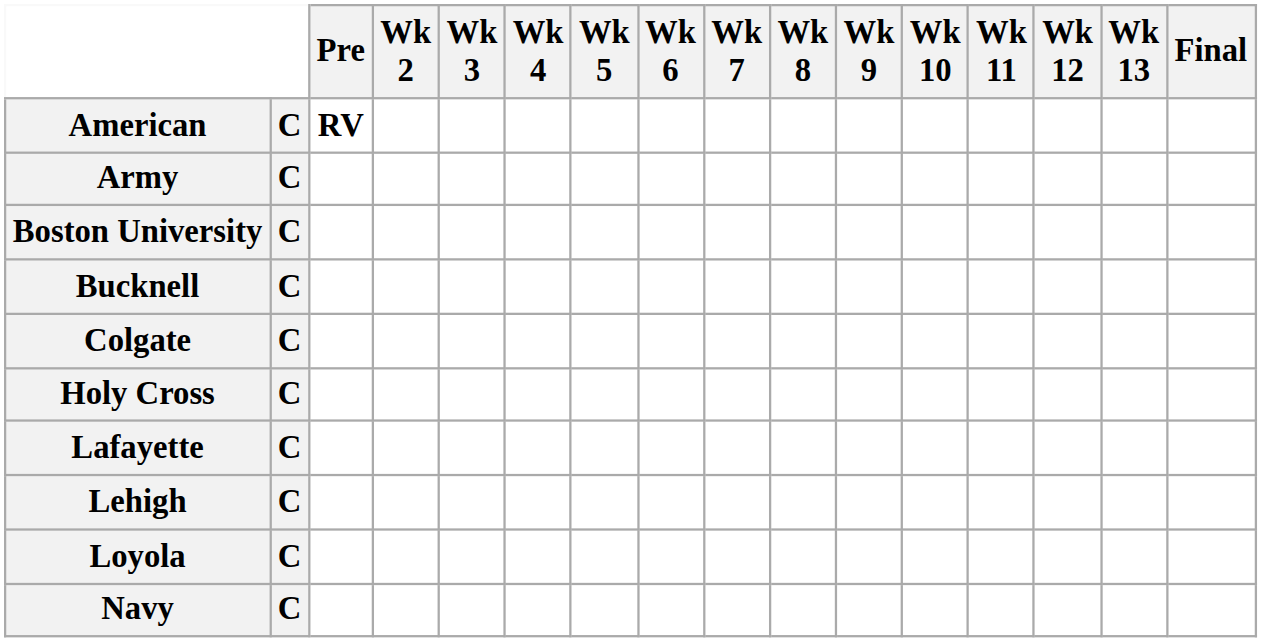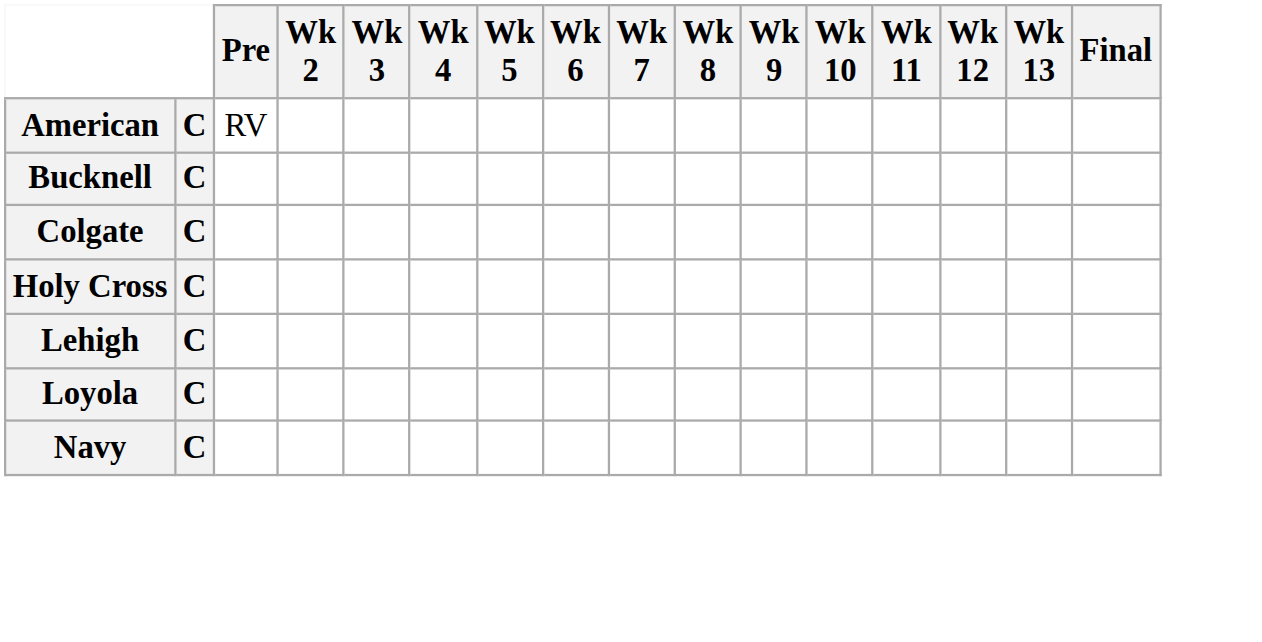 <table class="wikitable" style="white-space:nowrap;font-size:90%;">
 <tr>
 <th colspan=2 style="background:white; border-top-style:hidden; border-left-style:hidden;"> </th>
 <th>Pre</th>
 <th>Wk<br>2</th>
 <th>Wk<br>3</th>
 <th>Wk<br>4</th>
 <th>Wk<br>5</th>
 <th>Wk<br>6</th>
 <th>Wk<br>7</th>
 <th>Wk<br>8</th>
 <th>Wk<br>9</th>
 <th>Wk<br>10</th>
 <th>Wk<br>11</th>
 <th>Wk<br>12</th>
 <th>Wk<br>13</th>
 <th>Final</th>
 </tr>
 <tr style="text-align:center;">
 <th style="background:#">American</th>
 <th>C</th>
-<td style="background:#FFF;"><strong> RV</strong></td>
-<td style="background:#FFF;"></td>
-<td style="background:#FFF;"></td>
-<td style="background:#FFF;"></td>
-<td style="background:#FFF;"></td>
-<td style="background:#FFF;"></td>
-<td style="background:#FFF;"></td>
-<td style="background:#FFF;"></td>
-<td style="background:#FFF;"></td>
-<td style="background:#FFF;"></td>
-<td style="background:#FFF;"></td>
-<td style="background:#FFF;"></td>
-<td style="background:#FFF;"></td>
-<td style="background:#FFF;"></td>
-</tr>
-<tr style="text-align:center;">
-<th style="background:#">Army</th>
-<th>C</th>
-<td style="background:#FFF;"></td>
-<td style="background:#FFF;"></td>
-<td style="background:#FFF;"></td>
-<td style="background:#FFF;"></td>
-<td style="background:#FFF;"></td>
-<td style="background:#FFF;"></td>
-<td style="background:#FFF;"></td>
-<td style="background:#FFF;"></td>
-<td style="background:#FFF;"></td>
-<td style="background:#FFF;"></td>
-<td style="background:#FFF;"></td>
-<td style="background:#FFF;"></td>
-<td style="background:#FFF;"></td>
-<td style="background:#FFF;"></td>
-</tr>
-<tr style="text-align:center;">
-<th style="background:#">Boston University</th>
-<th>C</th>
-<td style="background:#FFF;"></td>
+<td style="background:#FFF;"> RV</td>
 <td style="background:#FFF;"></td>
 <td style="background:#FFF;"></td>
 <td style="background:#FFF;"></td>
 <td style="background:#FFF;"></td>
 <td style="background:#FFF;"></td>
 <td style="background:#FFF;"></td>
 <td style="background:#FFF;"></td>
 <td style="background:#FFF;"></td>
 <td style="background:#FFF;"></td>
 <td style="background:#FFF;"></td>
 <td style="background:#FFF;"></td>
 <td style="background:#FFF;"></td>
 <td style="background:#FFF;"></td>
 </tr>
 <tr style="text-align:center;">
 <th style="background:#">Bucknell</th>
 <th>C</th>
 <td style="background:#FFF;"></td>
 <td style="background:#FFF;"></td>
 <td style="background:#FFF;"></td>
 <td style="background:#FFF;"></td>
 <td style="background:#FFF;"></td>
 <td style="background:#FFF;"></td>
 <td style="background:#FFF;"></td>
 <td style="background:#FFF;"></td>
 <td style="background:#FFF;"></td>
 <td style="background:#FFF;"></td>
 <td style="background:#FFF;"></td>
 <td style="background:#FFF;"></td>
 <td style="background:#FFF;"></td>
 <td style="background:#FFF;"></td>
 </tr>
 <tr style="text-align:center;">
 <th style="background:#">Colgate</th>
 <th>C</th>
 <td style="background:#FFF;"></td>
 <td style="background:#FFF;"></td>
 <td style="background:#FFF;"></td>
 <td style="background:#FFF;"></td>
 <td style="background:#FFF;"></td>
 <td style="background:#FFF;"></td>
 <td style="background:#FFF;"></td>
 <td style="background:#FFF;"></td>
 <td style="background:#FFF;"></td>
 <td style="background:#FFF;"></td>
 <td style="background:#FFF;"></td>
 <td style="background:#FFF;"></td>
 <td style="background:#FFF;"></td>
 <td style="background:#FFF;"></td>
 </tr>
 <tr style="text-align:center;">
 <th style="background:#">Holy Cross</th>
-<th>C</th>
-<td style="background:#FFF;"></td>
-<td style="background:#FFF;"></td>
-<td style="background:#FFF;"></td>
-<td style="background:#FFF;"></td>
-<td style="background:#FFF;"></td>
-<td style="background:#FFF;"></td>
-<td style="background:#FFF;"></td>
-<td style="background:#FFF;"></td>
-<td style="background:#FFF;"></td>
-<td style="background:#FFF;"></td>
-<td style="background:#FFF;"></td>
-<td style="background:#FFF;"></td>
-<td style="background:#FFF;"></td>
-<td style="background:#FFF;"></td>
-</tr>
-<tr style="text-align:center;">
-<th style="background:#">Lafayette</th>
 <th>C</th>
 <td style="background:#FFF;"></td>
 <td style="background:#FFF;"></td>
 <td style="background:#FFF;"></td>
 <td style="background:#FFF;"></td>
 <td style="background:#FFF;"></td>
 <td style="background:#FFF;"></td>
 <td style="background:#FFF;"></td>
 <td style="background:#FFF;"></td>
 <td style="background:#FFF;"></td>
 <td style="background:#FFF;"></td>
 <td style="background:#FFF;"></td>
 <td style="background:#FFF;"></td>
 <td style="background:#FFF;"></td>
 <td style="background:#FFF;"></td>
 </tr>
 <tr style="text-align:center;">
 <th style="background:#">Lehigh</th>
 <th>C</th>
 <td style="background:#FFF;"></td>
 <td style="background:#FFF;"></td>
 <td style="background:#FFF;"></td>
 <td style="background:#FFF;"></td>
 <td style="background:#FFF;"></td>
 <td style="background:#FFF;"></td>
 <td style="background:#FFF;"></td>
 <td style="background:#FFF;"></td>
 <td style="background:#FFF;"></td>
 <td style="background:#FFF;"></td>
 <td style="background:#FFF;"></td>
 <td style="background:#FFF;"></td>
 <td style="background:#FFF;"></td>
 <td style="background:#FFF;"></td>
 </tr>
 <tr style="text-align:center;">
 <th style="background:#">Loyola</th>
 <th>C</th>
 <td style="background:#FFF;"></td>
 <td style="background:#FFF;"></td>
 <td style="background:#FFF;"></td>
 <td style="background:#FFF;"></td>
 <td style="background:#FFF;"></td>
 <td style="background:#FFF;"></td>
 <td style="background:#FFF;"></td>
 <td style="background:#FFF;"></td>
 <td style="background:#FFF;"></td>
 <td style="background:#FFF;"></td>
 <td style="background:#FFF;"></td>
 <td style="background:#FFF;"></td>
 <td style="background:#FFF;"></td>
 <td style="background:#FFF;"></td>
 </tr>
 <tr style="text-align:center;">
 <th style="background:#">Navy</th>
 <th>C</th>
 <td style="background:#FFF;"></td>
 <td style="background:#FFF;"></td>
 <td style="background:#FFF;"></td>
 <td style="background:#FFF;"></td>
 <td style="background:#FFF;"></td>
 <td style="background:#FFF;"></td>
 <td style="background:#FFF;"></td>
 <td style="background:#FFF;"></td>
 <td style="background:#FFF;"></td>
 <td style="background:#FFF;"></td>
 <td style="background:#FFF;"></td>
 <td style="background:#FFF;"></td>
 <td style="background:#FFF;"></td>
 <td style="background:#FFF;"></td>
 </tr>
 </table>
